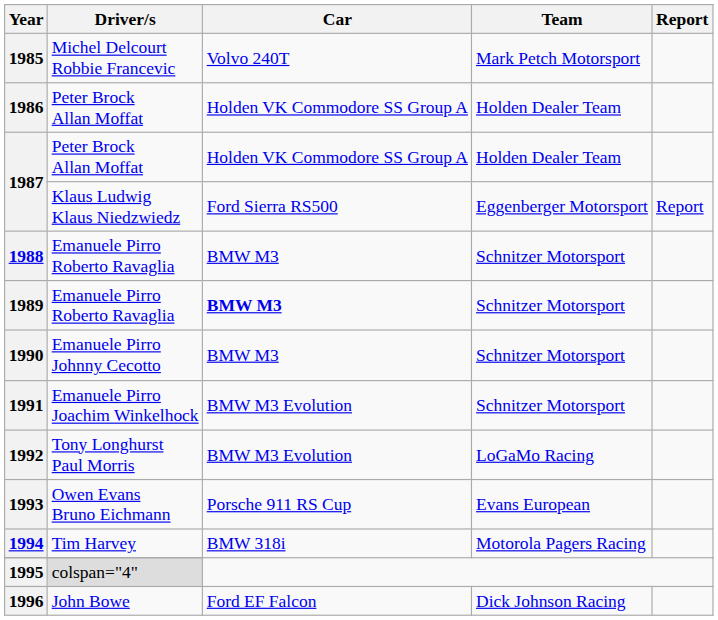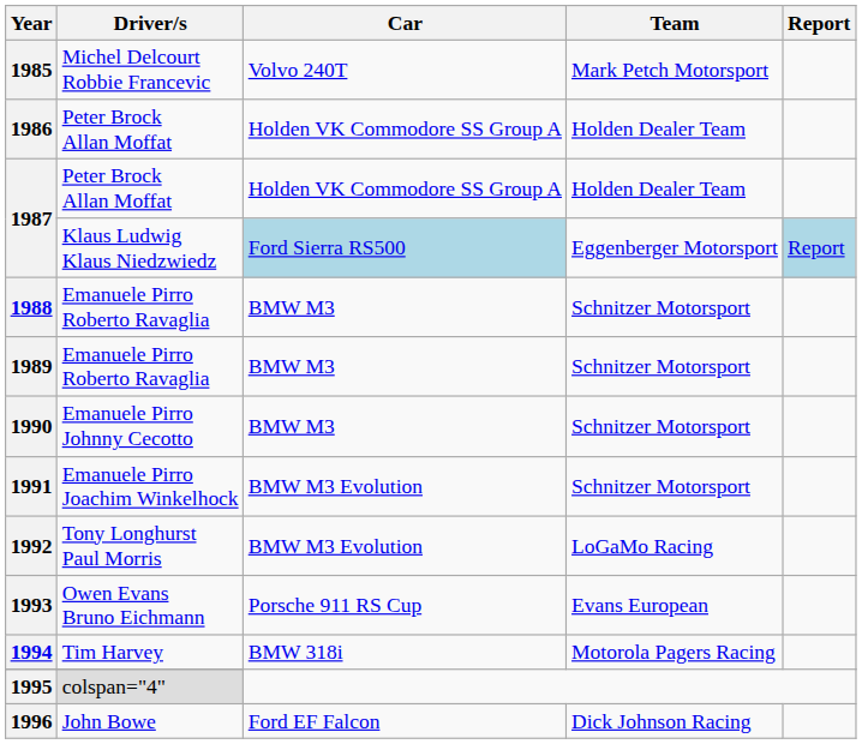 <table class="wikitable" style="font-size: 95%;">
 <tr>
 <th>Year</th>
 <th>Driver/s</th>
 <th>Car</th>
 <th>Team</th>
 <th>Report</th>
 </tr>
 <tr>
 <th>1985</th>
 <td> <a href='#'>Michel Delcourt</a><br> <a href='#'>Robbie Francevic</a></td>
 <td><a href='#'>Volvo 240T</a></td>
 <td><a href='#'>Mark Petch Motorsport</a></td>
 <td></td>
 </tr>
 <tr>
 <th>1986</th>
 <td> <a href='#'>Peter Brock</a><br> <a href='#'>Allan Moffat</a></td>
 <td><a href='#'>Holden VK Commodore SS Group A</a></td>
 <td><a href='#'>Holden Dealer Team</a></td>
 <td></td>
 </tr>
 <tr>
 <th rowspan="2">1987</th>
 <td> <a href='#'>Peter Brock</a><br> <a href='#'>Allan Moffat</a></td>
 <td><a href='#'>Holden VK Commodore SS Group A</a></td>
 <td><a href='#'>Holden Dealer Team</a></td>
 <td></td>
 </tr>
 <tr>
 <td> <a href='#'>Klaus Ludwig</a><br> <a href='#'>Klaus Niedzwiedz</a></td>
-<td><a href='#'>Ford Sierra RS500</a></td>
+<td style="background: lightblue;"><a href='#'>Ford Sierra RS500</a></td>
 <td><a href='#'>Eggenberger Motorsport</a></td>
-<td><a href='#'>Report</a></td>
+<td style="background: lightblue;"><a href='#'>Report</a></td>
 </tr>
 <tr>
 <th><a href='#'>1988</a></th>
 <td> <a href='#'>Emanuele Pirro</a><br> <a href='#'>Roberto Ravaglia</a></td>
 <td><a href='#'>BMW M3</a></td>
 <td><a href='#'>Schnitzer Motorsport</a></td>
 <td></td>
 </tr>
 <tr>
 <th>1989</th>
 <td> <a href='#'>Emanuele Pirro</a><br> <a href='#'>Roberto Ravaglia</a></td>
-<td><strong><a href='#'>BMW M3</a></strong></td>
+<td><a href='#'>BMW M3</a></td>
 <td><a href='#'>Schnitzer Motorsport</a></td>
 <td></td>
 </tr>
 <tr>
 <th>1990</th>
 <td> <a href='#'>Emanuele Pirro</a><br> <a href='#'>Johnny Cecotto</a></td>
 <td><a href='#'>BMW M3</a></td>
 <td><a href='#'>Schnitzer Motorsport</a></td>
 <td></td>
 </tr>
 <tr>
 <th>1991</th>
 <td> <a href='#'>Emanuele Pirro</a><br> <a href='#'>Joachim Winkelhock</a></td>
 <td><a href='#'>BMW M3 Evolution</a></td>
 <td><a href='#'>Schnitzer Motorsport</a></td>
 <td></td>
 </tr>
 <tr>
 <th>1992</th>
 <td> <a href='#'>Tony Longhurst</a><br> <a href='#'>Paul Morris</a></td>
 <td><a href='#'>BMW M3 Evolution</a></td>
 <td><a href='#'>LoGaMo Racing</a></td>
 <td></td>
 </tr>
 <tr>
 <th>1993</th>
 <td> <a href='#'>Owen Evans</a><br> <a href='#'>Bruno Eichmann</a></td>
 <td><a href='#'>Porsche 911 RS Cup</a></td>
 <td><a href='#'>Evans European</a></td>
 <td></td>
 </tr>
 <tr>
 <th><a href='#'>1994</a></th>
 <td> <a href='#'>Tim Harvey</a></td>
 <td><a href='#'>BMW 318i</a></td>
 <td><a href='#'>Motorola Pagers Racing</a></td>
 <td></td>
 </tr>
 <tr>
 </tr>
 <tr style="background: #dddddd">
 <th>1995</th>
 <td>colspan="4" </td>
 </tr>
 <tr>
 <th>1996</th>
 <td> <a href='#'>John Bowe</a></td>
 <td><a href='#'>Ford EF Falcon</a></td>
 <td><a href='#'>Dick Johnson Racing</a></td>
 <td></td>
 </tr>
 </table>
